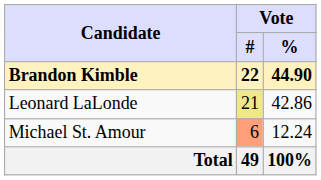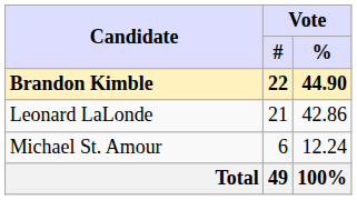 <table class="wikitable">
 <tr>
 <th rowspan="2" width="200px" style="background:#ddf;">Candidate</th>
 <th colspan="2" width="50px" style="background:#ddf;">Vote</th>
 </tr>
 <tr>
 <th style="background:#ddf;">#</th>
 <th style="background:#ddf;">%</th>
 </tr>
 <tr>
 <td style="background:#fff2bf;"><strong>Brandon Kimble</strong></td>
 <td style="text-align:right;background:#fff2bf;"><strong>22</strong></td>
 <td style="text-align:right;background:#fff2bf;"><strong>44.90</strong></td>
 </tr>
 <tr>
 <td>Leonard LaLonde</td>
-<td style="background: khaki; text-align:right;">21</td>
+<td style="text-align:right;">21</td>
 <td style="text-align:right;">42.86</td>
 </tr>
 <tr>
 <td>Michael St. Amour</td>
-<td style="background: lightsalmon; text-align:right;">6</td>
+<td style="text-align:right;">6</td>
 <td style="text-align:right;">12.24</td>
 </tr>
 <tr>
 <td style="text-align:right;background-color:#f2f2f2;"><strong>Total</strong></td>
 <td style="text-align:right;background-color:#f2f2f2;"><strong>49</strong></td>
 <td style="text-align:right;background-color:#f2f2f2;"><strong>100%</strong></td>
 </tr>
 </table>
